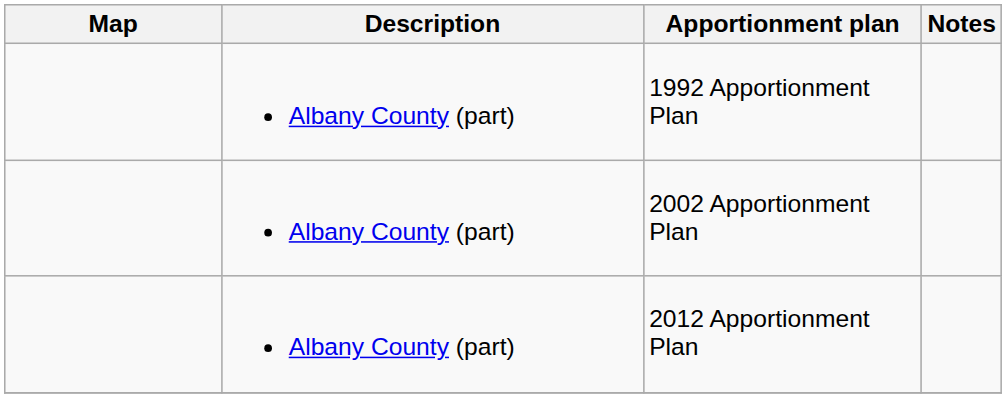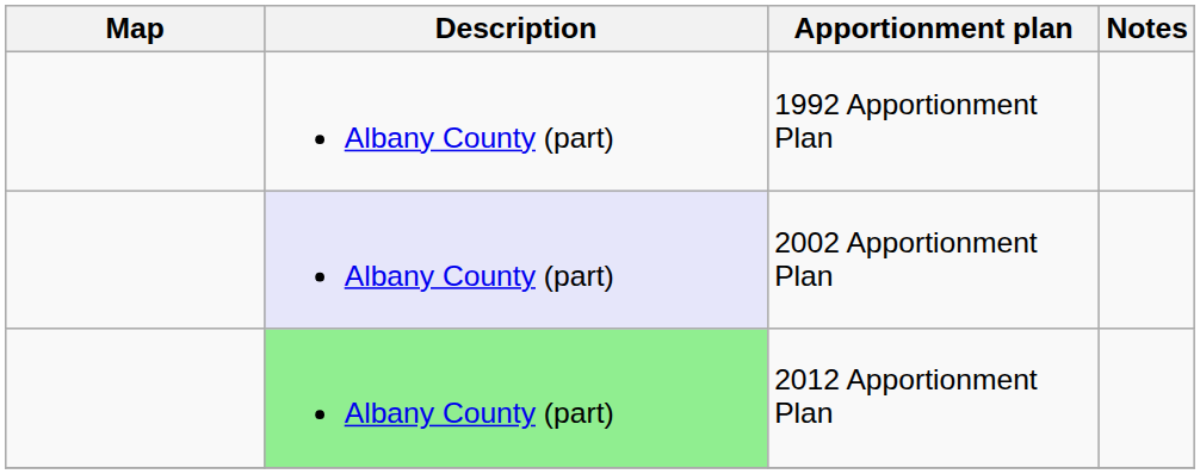 <table class="wikitable sortable">
 <tr>
 <th style="width:100pt;">Map</th>
 <th style="width:200pt;">Description</th>
 <th style="width:130pt;">Apportionment plan</th>
 <th style="width:15pt;">Notes</th>
 </tr>
 <tr>
 <td></td>
 <td><br><ul><li><a href='#'>Albany County</a> (part)</li></ul></td>
 <td>1992 Apportionment Plan</td>
 <td></td>
 </tr>
 <tr>
 <td></td>
-<td><br><ul><li><a href='#'>Albany County</a> (part)</li></ul></td>
+<td style="background: lavender;"><br><ul><li><a href='#'>Albany County</a> (part)</li></ul></td>
 <td>2002 Apportionment Plan</td>
 <td></td>
 </tr>
 <tr>
 <td></td>
-<td><br><ul><li><a href='#'>Albany County</a> (part)</li></ul></td>
+<td style="background: lightgreen;"><br><ul><li><a href='#'>Albany County</a> (part)</li></ul></td>
 <td>2012 Apportionment Plan</td>
 <td></td>
 </tr>
 <tr>
 </tr>
 </table>
